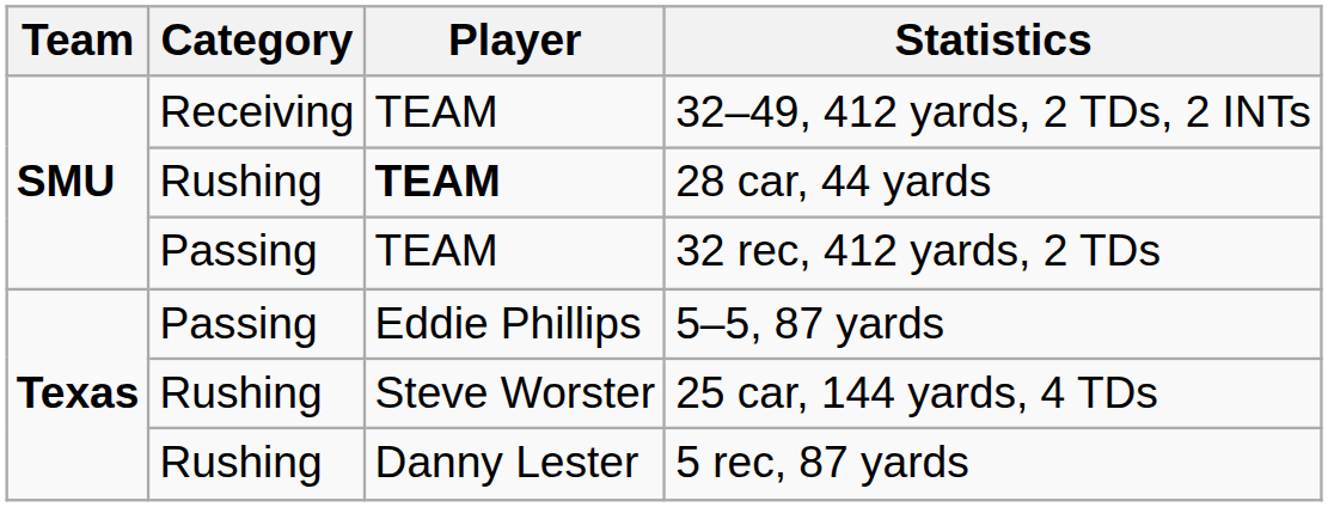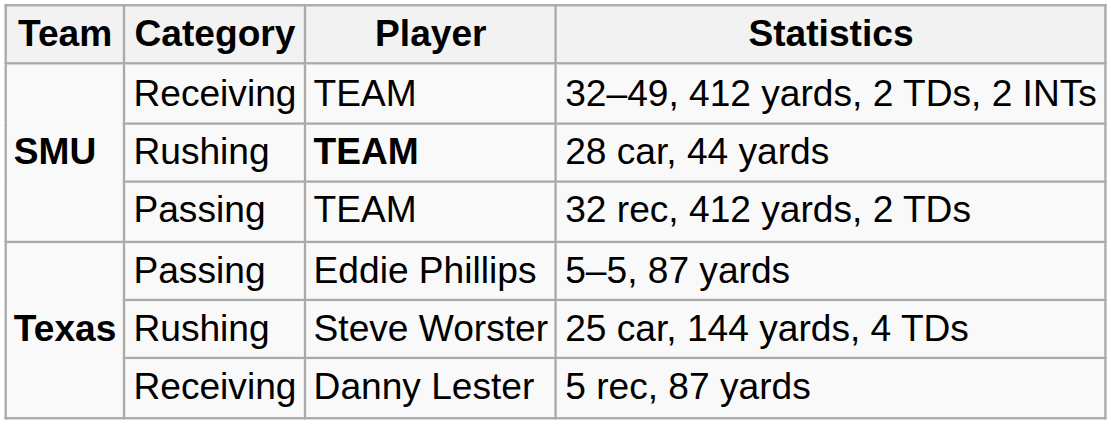 <table class="wikitable" style="float: right;">
 <tr>
 <th>Team</th>
 <th>Category</th>
 <th>Player</th>
 <th>Statistics</th>
 </tr>
 <tr>
 <td rowspan=3><strong>SMU</strong></td>
 <td>Receiving</td>
 <td>TEAM</td>
 <td>32–49, 412 yards, 2 TDs, 2 INTs</td>
 </tr>
 <tr>
 <td>Rushing</td>
 <td><strong>TEAM</strong></td>
 <td>28 car, 44 yards</td>
 </tr>
 <tr>
 <td>Passing</td>
 <td>TEAM</td>
 <td>32 rec, 412 yards, 2 TDs</td>
 </tr>
 <tr>
 <td rowspan=3><strong>Texas</strong></td>
 <td>Passing</td>
 <td>Eddie Phillips</td>
 <td>5–5, 87 yards</td>
 </tr>
 <tr>
 <td>Rushing</td>
 <td>Steve Worster</td>
 <td>25 car, 144 yards, 4 TDs</td>
 </tr>
 <tr>
-<td>Rushing</td>
+<td>Receiving</td>
 <td>Danny Lester</td>
 <td>5 rec, 87 yards</td>
 </tr>
 </table>
